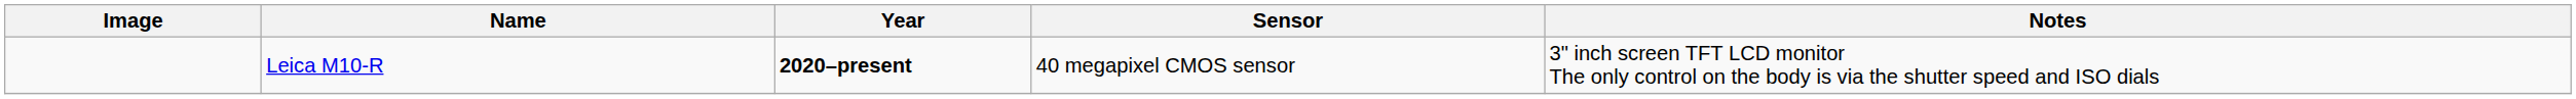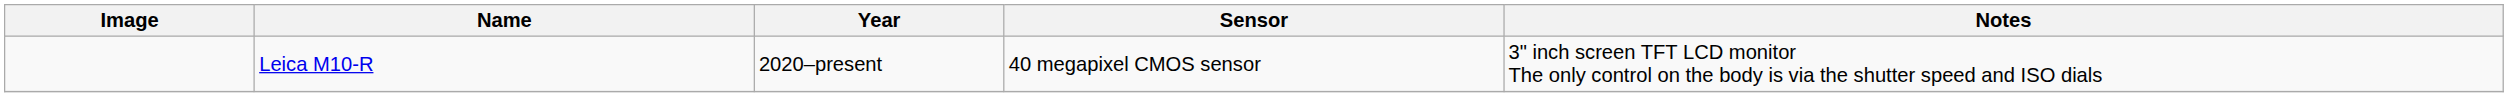 <table width=100% class="wikitable">
 <tr>
 <th>Image</th>
 <th width=20%>Name</th>
 <th width=10%>Year</th>
 <th width=20%>Sensor</th>
 <th width=40%>Notes</th>
 </tr>
 <tr>
 <td></td>
 <td><a href='#'>Leica M10-R</a></td>
-<td><strong>2020–present</strong></td>
+<td>2020–present</td>
 <td>40 megapixel CMOS sensor</td>
 <td> 3" inch screen TFT LCD monitor<br> The only control on the body is via the shutter speed and ISO dials</td>
 </tr>
 <tr>
 </tr>
 </table>
